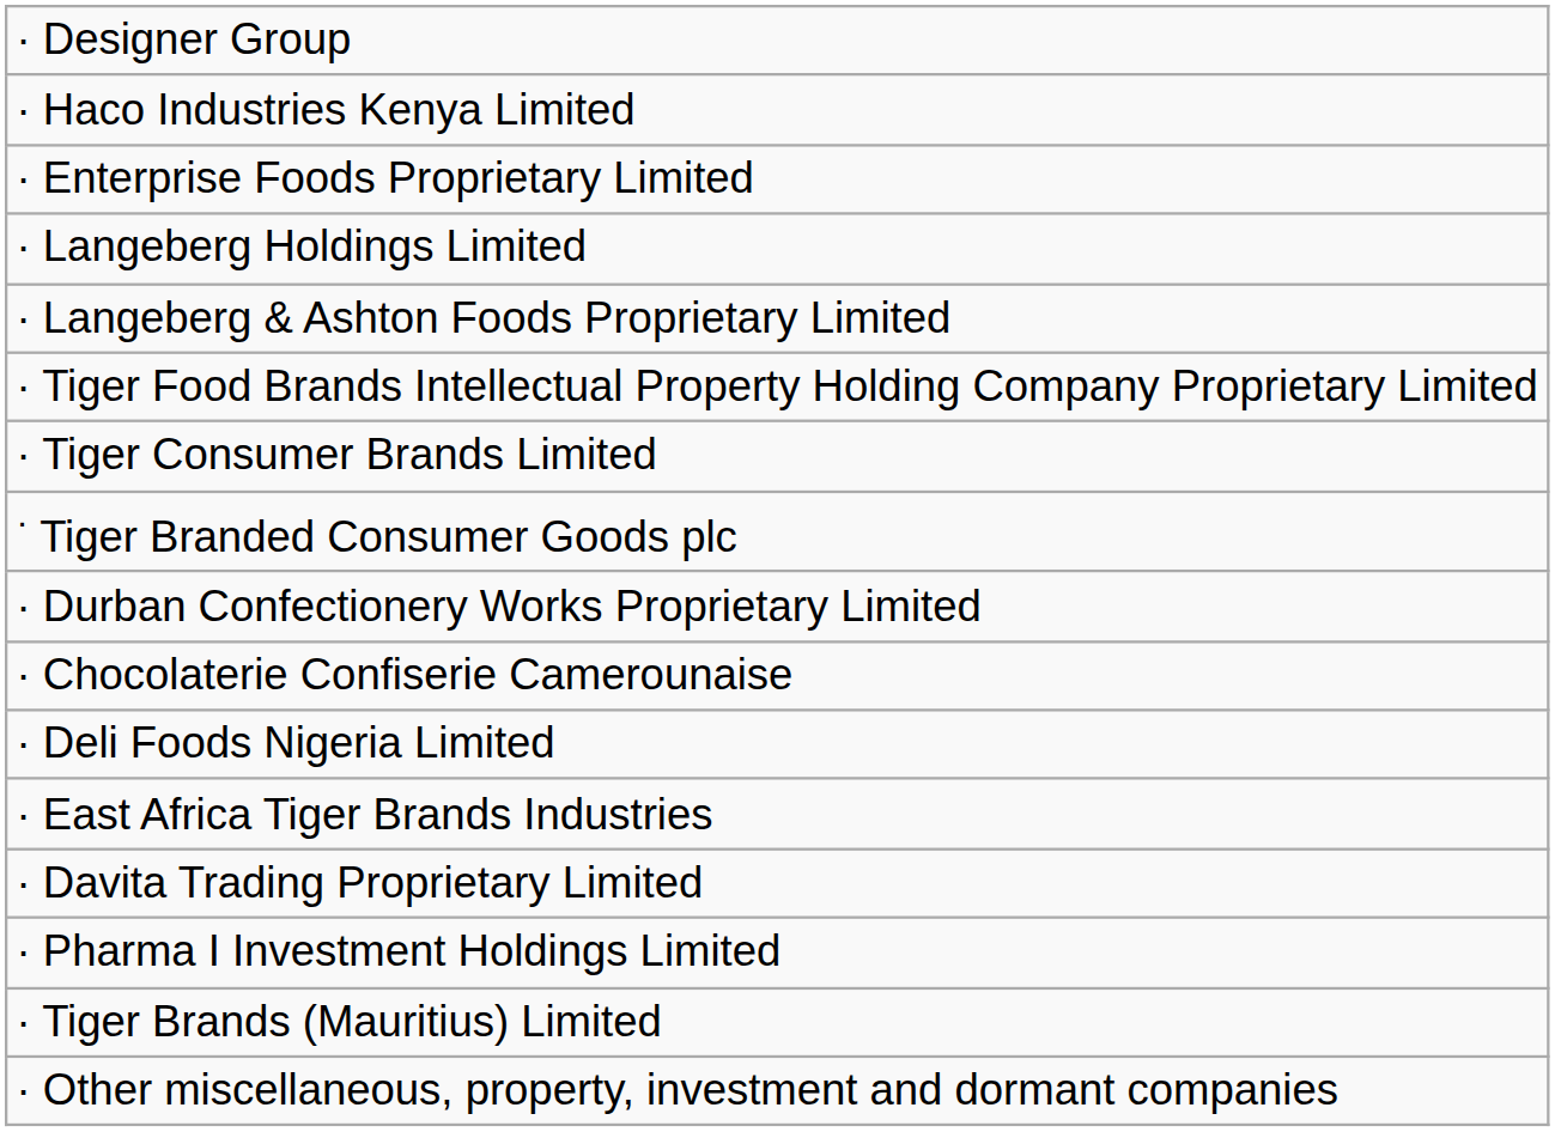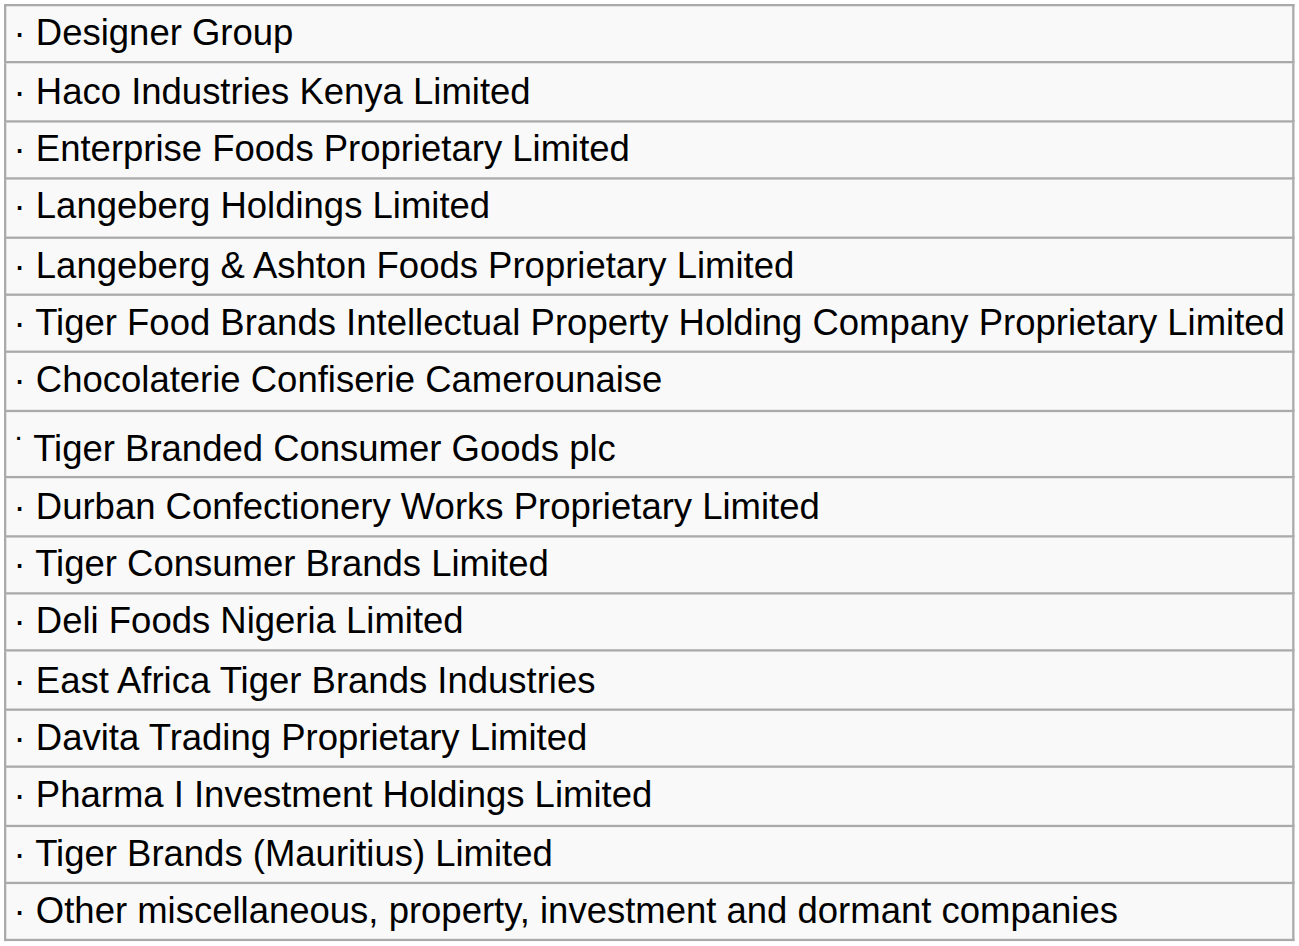 <table class="wikitable">
 <tr>
 <td>·        Designer Group</td>
 </tr>
 <tr>
 <td>·        Haco Industries Kenya Limited</td>
 </tr>
 <tr>
 <td>·        Enterprise Foods Proprietary Limited</td>
 </tr>
 <tr>
 <td>·        Langeberg Holdings Limited</td>
 </tr>
 <tr>
 <td>·        Langeberg & Ashton Foods Proprietary Limited</td>
 </tr>
 <tr>
 <td>·        Tiger Food Brands Intellectual Property Holding Company Proprietary Limited</td>
 </tr>
 <tr>
-<td>·        Tiger Consumer Brands Limited</td>
+<td>·        Chocolaterie Confiserie Camerounaise</td>
 </tr>
 <tr>
 <td><sup>·</sup> Tiger Branded Consumer Goods plc</td>
 </tr>
 <tr>
 <td>·        Durban Confectionery Works Proprietary Limited</td>
 </tr>
 <tr>
-<td>·        Chocolaterie Confiserie Camerounaise</td>
+<td>·        Tiger Consumer Brands Limited</td>
 </tr>
 <tr>
 <td>·        Deli Foods Nigeria Limited</td>
 </tr>
 <tr>
 <td>·        East Africa Tiger Brands Industries</td>
 </tr>
 <tr>
 <td>·        Davita Trading Proprietary Limited</td>
 </tr>
 <tr>
 <td>·        Pharma I Investment Holdings Limited</td>
 </tr>
 <tr>
 <td>·        Tiger Brands (Mauritius) Limited</td>
 </tr>
 <tr>
 <td>·        Other miscellaneous, property, investment and dormant companies</td>
 </tr>
 </table>
